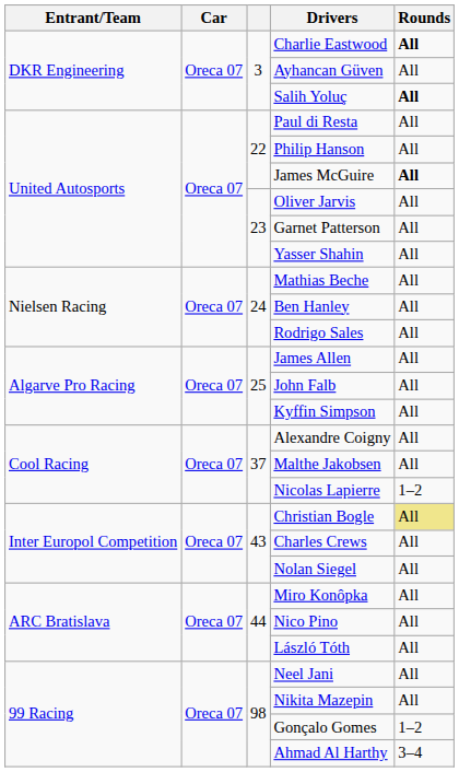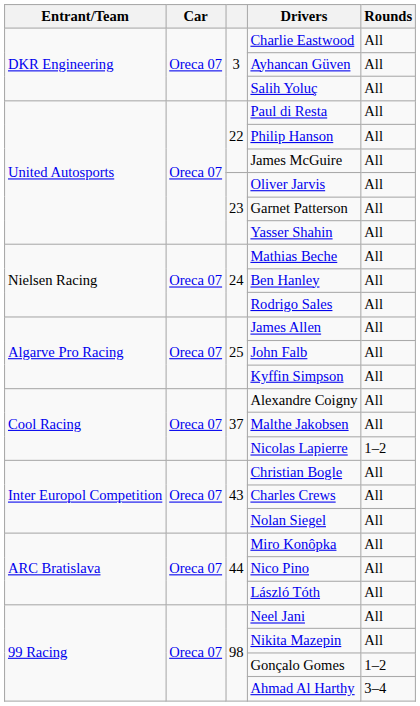 <table class="wikitable" style="font-size: 85%">
 <tr>
 <th>Entrant/Team</th>
 <th>Car</th>
 <th></th>
 <th>Drivers</th>
 <th>Rounds</th>
 </tr>
 <tr>
 <td rowspan="3"> <a href='#'>DKR Engineering</a></td>
 <td rowspan="3"><a href='#'>Oreca 07</a></td>
 <td align=center rowspan="3">3</td>
 <td> <a href='#'>Charlie Eastwood</a></td>
-<td><strong>All</strong></td>
+<td>All</td>
 </tr>
 <tr>
 <td> <a href='#'>Ayhancan Güven</a></td>
 <td>All</td>
 </tr>
 <tr>
 <td> <a href='#'>Salih Yoluç</a></td>
-<td><strong>All</strong></td>
+<td>All</td>
 </tr>
 <tr>
 <td rowspan="6"> <a href='#'>United Autosports</a></td>
 <td rowspan="6"><a href='#'>Oreca 07</a></td>
 <td rowspan=3 align="center">22</td>
 <td> <a href='#'>Paul di Resta</a></td>
 <td>All</td>
 </tr>
 <tr>
 <td> <a href='#'>Philip Hanson</a></td>
 <td>All</td>
 </tr>
 <tr>
 <td> James McGuire</td>
-<td><strong>All</strong></td>
+<td>All</td>
 </tr>
 <tr>
 <td rowspan=3 align="center">23</td>
 <td> <a href='#'>Oliver Jarvis</a></td>
 <td>All</td>
 </tr>
 <tr>
 <td> Garnet Patterson</td>
 <td>All</td>
 </tr>
 <tr>
 <td> <a href='#'>Yasser Shahin</a></td>
 <td>All</td>
 </tr>
 <tr>
 <td rowspan="3"> Nielsen Racing</td>
 <td rowspan="3"><a href='#'>Oreca 07</a></td>
 <td align=center rowspan="3">24</td>
 <td> <a href='#'>Mathias Beche</a></td>
 <td>All</td>
 </tr>
 <tr>
 <td> <a href='#'>Ben Hanley</a></td>
 <td>All</td>
 </tr>
 <tr>
 <td> <a href='#'>Rodrigo Sales</a></td>
 <td>All</td>
 </tr>
 <tr>
 <td rowspan="3"> <a href='#'>Algarve Pro Racing</a></td>
 <td rowspan="3"><a href='#'>Oreca 07</a></td>
 <td align=center rowspan="3">25</td>
 <td> <a href='#'>James Allen</a></td>
 <td>All</td>
 </tr>
 <tr>
 <td> <a href='#'>John Falb</a></td>
 <td>All</td>
 </tr>
 <tr>
 <td> <a href='#'>Kyffin Simpson</a></td>
 <td>All</td>
 </tr>
 <tr>
 <td rowspan="3"> <a href='#'>Cool Racing</a></td>
 <td rowspan="3"><a href='#'>Oreca 07</a></td>
 <td align=center rowspan="3">37</td>
 <td> Alexandre Coigny</td>
 <td>All</td>
 </tr>
 <tr>
 <td> <a href='#'>Malthe Jakobsen</a></td>
 <td>All</td>
 </tr>
 <tr>
 <td> <a href='#'>Nicolas Lapierre</a></td>
 <td>1–2</td>
 </tr>
 <tr>
 <td rowspan="3"> <a href='#'>Inter Europol Competition</a></td>
 <td rowspan="3"><a href='#'>Oreca 07</a></td>
 <td rowspan="3" align="center">43</td>
 <td> <a href='#'>Christian Bogle</a></td>
-<td style="background: khaki;">All</td>
+<td>All</td>
 </tr>
 <tr>
 <td> <a href='#'>Charles Crews</a></td>
 <td>All</td>
 </tr>
 <tr>
 <td> <a href='#'>Nolan Siegel</a></td>
 <td>All</td>
 </tr>
 <tr>
 <td rowspan="3"> <a href='#'>ARC Bratislava</a></td>
 <td rowspan="3"><a href='#'>Oreca 07</a></td>
 <td rowspan="3" align="center">44</td>
 <td> <a href='#'>Miro Konôpka</a></td>
 <td>All</td>
 </tr>
 <tr>
 <td> <a href='#'>Nico Pino</a></td>
 <td>All</td>
 </tr>
 <tr>
 <td> <a href='#'>László Tóth</a></td>
 <td>All</td>
 </tr>
 <tr>
 <td rowspan="4"> <a href='#'>99 Racing</a></td>
 <td rowspan="4"><a href='#'>Oreca 07</a></td>
 <td rowspan="4" align="center">98</td>
 <td> <a href='#'>Neel Jani</a></td>
 <td>All</td>
 </tr>
 <tr>
 <td> <a href='#'>Nikita Mazepin</a></td>
 <td>All</td>
 </tr>
 <tr>
 <td> Gonçalo Gomes</td>
 <td>1–2</td>
 </tr>
 <tr>
 <td> <a href='#'>Ahmad Al Harthy</a></td>
 <td>3–4</td>
 </tr>
 </table>
